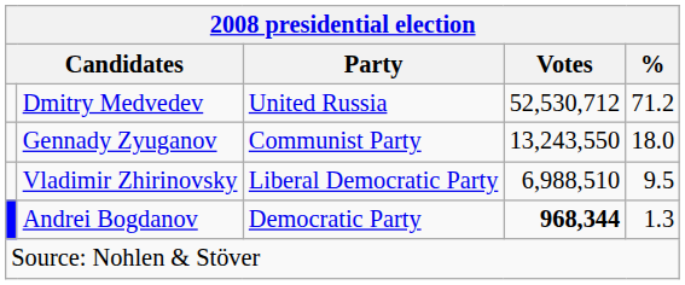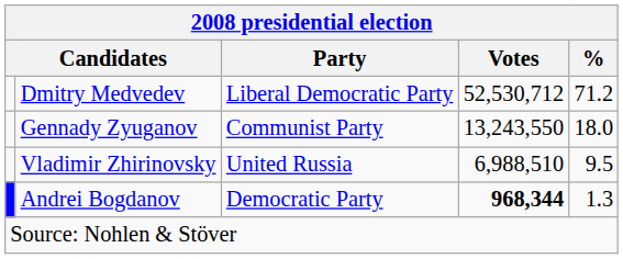 <table class=wikitable style=text-align:right>
 <tr>
 <th colspan=5><a href='#'>2008 presidential election</a></th>
 </tr>
 <tr>
 <th colspan=2>Candidates</th>
 <th>Party</th>
 <th>Votes</th>
 <th>%</th>
 </tr>
 <tr>
 <td style="background-color: "></td>
 <td style="text-align:left;"><a href='#'>Dmitry Medvedev</a></td>
-<td style="text-align:left;"><a href='#'>United Russia</a></td>
+<td style="text-align:left;"><a href='#'>Liberal Democratic Party</a></td>
 <td>52,530,712</td>
 <td>71.2</td>
 </tr>
 <tr>
 <td style="background-color: "></td>
 <td style="text-align:left;"><a href='#'>Gennady Zyuganov</a></td>
 <td style="text-align:left;"><a href='#'>Communist Party</a></td>
 <td>13,243,550</td>
 <td>18.0</td>
 </tr>
 <tr>
 <td style="background-color: "></td>
 <td style="text-align:left;"><a href='#'>Vladimir Zhirinovsky</a></td>
-<td style="text-align:left;"><a href='#'>Liberal Democratic Party</a></td>
+<td style="text-align:left;"><a href='#'>United Russia</a></td>
 <td>6,988,510</td>
 <td>9.5</td>
 </tr>
 <tr>
 <td style="background-color: blue"></td>
 <td style="text-align:left;"><a href='#'>Andrei Bogdanov</a></td>
 <td style="text-align:left;"><a href='#'>Democratic Party</a></td>
 <td><strong>968,344</strong></td>
 <td>1.3</td>
 </tr>
 <tr>
 <td style="text-align:left;" colspan=5>Source: Nohlen & Stöver</td>
 </tr>
 </table>
